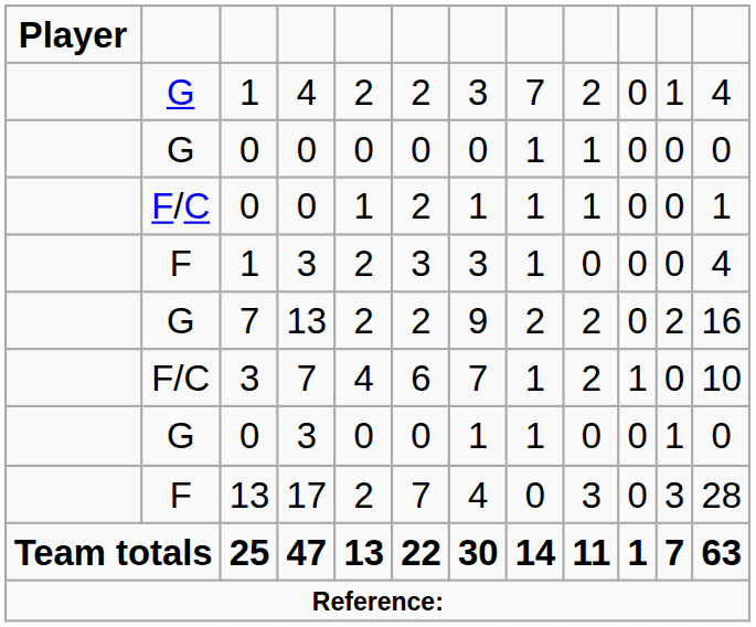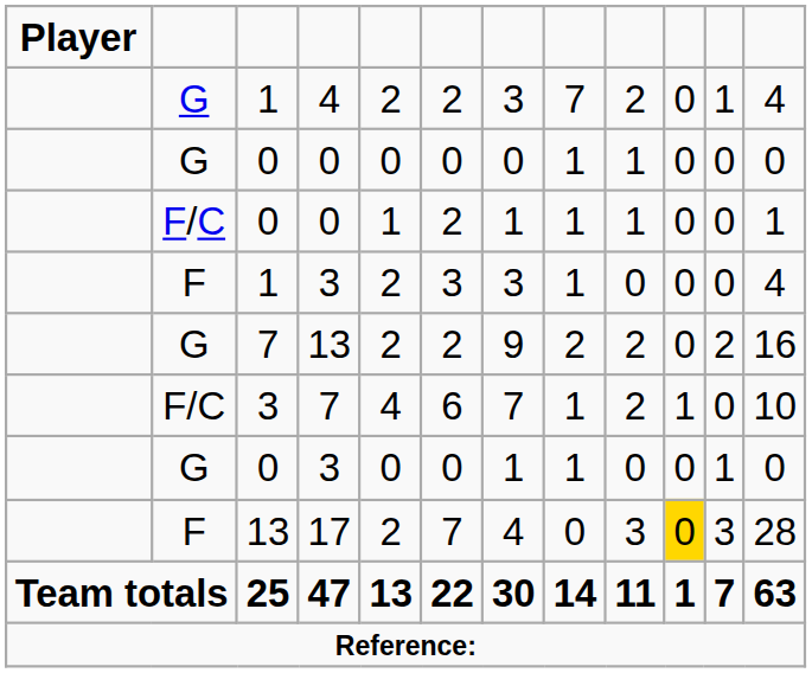 <table class="wikitable sortable" style="text-align: center; font-size:95%">
 <tr>
 <td><strong>Player</strong></td>
 <td><strong></strong></td>
 <td><strong></strong></td>
 <td><strong></strong></td>
 <td><strong></strong></td>
 <td><strong></strong></td>
 <td><strong></strong></td>
 <td><strong></strong></td>
 <td><strong></strong></td>
 <td><strong></strong></td>
 <td><strong></strong></td>
 <td><strong></strong></td>
 </tr>
 <tr>
 <td></td>
 <td><a href='#'>G</a></td>
 <td>1</td>
 <td>4</td>
 <td>2</td>
 <td>2</td>
 <td>3</td>
 <td>7</td>
 <td>2</td>
 <td>0</td>
 <td>1</td>
 <td>4</td>
 </tr>
 <tr>
 <td></td>
 <td>G</td>
 <td>0</td>
 <td>0</td>
 <td>0</td>
 <td>0</td>
 <td>0</td>
 <td>1</td>
 <td>1</td>
 <td>0</td>
 <td>0</td>
 <td>0</td>
 </tr>
 <tr>
 <td></td>
 <td><a href='#'>F</a>/<a href='#'>C</a></td>
 <td>0</td>
 <td>0</td>
 <td>1</td>
 <td>2</td>
 <td>1</td>
 <td>1</td>
 <td>1</td>
 <td>0</td>
 <td>0</td>
 <td>1</td>
 </tr>
 <tr>
 <td></td>
 <td>F</td>
 <td>1</td>
 <td>3</td>
 <td>2</td>
 <td>3</td>
 <td>3</td>
 <td>1</td>
 <td>0</td>
 <td>0</td>
 <td>0</td>
 <td>4</td>
 </tr>
 <tr>
 <td></td>
 <td>G</td>
 <td>7</td>
 <td>13</td>
 <td>2</td>
 <td>2</td>
 <td>9</td>
 <td>2</td>
 <td>2</td>
 <td>0</td>
 <td>2</td>
 <td>16</td>
 </tr>
 <tr>
 <td></td>
 <td>F/C</td>
 <td>3</td>
 <td>7</td>
 <td>4</td>
 <td>6</td>
 <td>7</td>
 <td>1</td>
 <td>2</td>
 <td>1</td>
 <td>0</td>
 <td>10</td>
 </tr>
 <tr>
 <td></td>
 <td>G</td>
 <td>0</td>
 <td>3</td>
 <td>0</td>
 <td>0</td>
 <td>1</td>
 <td>1</td>
 <td>0</td>
 <td>0</td>
 <td>1</td>
 <td>0</td>
 </tr>
 <tr>
 <td></td>
 <td>F</td>
 <td>13</td>
 <td>17</td>
 <td>2</td>
 <td>7</td>
 <td>4</td>
 <td>0</td>
 <td>3</td>
-<td>0</td>
+<td style="background: gold;">0</td>
 <td>3</td>
 <td>28</td>
 </tr>
 <tr class="sortbottom">
 <td style="text-align:center;" colspan="2"><strong>Team totals</strong></td>
 <td><strong>25</strong></td>
 <td><strong>47</strong></td>
 <td><strong>13</strong></td>
 <td><strong>22</strong></td>
 <td><strong>30</strong></td>
 <td><strong>14</strong></td>
 <td><strong>11</strong></td>
 <td><strong>1</strong></td>
 <td><strong>7</strong></td>
 <td><strong>63</strong></td>
 </tr>
 <tr>
 <td colspan="12" style="font-size: 8pt" align="center"><strong>Reference:</strong></td>
 </tr>
 </table>
